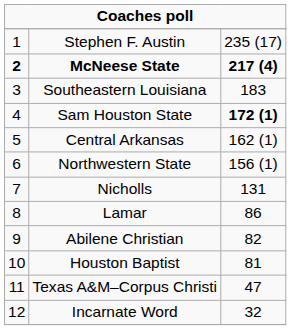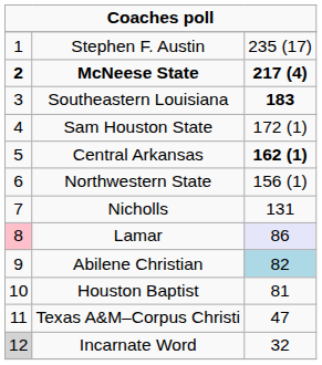 <table class="wikitable">
 <tr align="center">
 <td align="center" Colspan="3"><strong>Coaches poll</strong></td>
 </tr>
 <tr align="center">
 </tr>
 <tr align="center">
 <td>1</td>
 <td>Stephen F. Austin</td>
 <td>235 (17)</td>
 </tr>
 <tr align="center">
 <td><strong>2</strong></td>
 <td><strong>McNeese State</strong></td>
 <td><strong>217 (4)</strong></td>
 </tr>
 <tr align="center">
 <td>3</td>
 <td>Southeastern Louisiana</td>
-<td>183</td>
+<td><strong>183</strong></td>
 </tr>
 <tr align="center">
 <td>4</td>
 <td>Sam Houston State</td>
-<td><strong>172 (1)</strong></td>
+<td>172 (1)</td>
 </tr>
 <tr align="center">
 <td>5</td>
 <td>Central Arkansas</td>
-<td>162 (1)</td>
+<td><strong>162 (1)</strong></td>
 </tr>
 <tr align="center">
 <td>6</td>
 <td>Northwestern State</td>
 <td>156 (1)</td>
 </tr>
 <tr align="center">
 <td>7</td>
 <td>Nicholls</td>
 <td>131</td>
 </tr>
 <tr align="center">
-<td>8</td>
+<td style="background: pink;">8</td>
 <td>Lamar</td>
-<td>86</td>
+<td style="background: lavender;">86</td>
 </tr>
 <tr align="center">
 <td>9</td>
 <td>Abilene Christian</td>
-<td>82</td>
+<td style="background: lightblue;">82</td>
 </tr>
 <tr align="center">
 <td>10</td>
 <td>Houston Baptist</td>
 <td>81</td>
 </tr>
 <tr align="center">
 <td>11</td>
 <td>Texas A&M–Corpus Christi</td>
 <td>47</td>
 </tr>
 <tr align="center">
-<td>12</td>
+<td style="background: lightgrey;">12</td>
 <td>Incarnate Word</td>
 <td>32</td>
 </tr>
 <tr align="center">
 </tr>
 </table>
